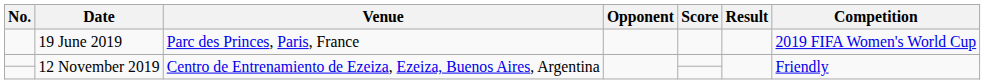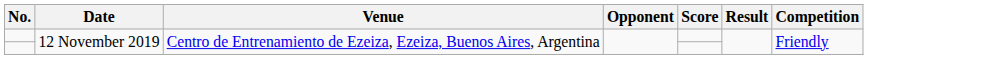 <table class="wikitable">
 <tr>
 <th>No.</th>
 <th>Date</th>
 <th>Venue</th>
 <th>Opponent</th>
 <th>Score</th>
 <th>Result</th>
 <th>Competition</th>
-</tr>
-<tr>
-<td></td>
-<td>19 June 2019</td>
-<td><a href='#'>Parc des Princes</a>, <a href='#'>Paris</a>, France</td>
-<td></td>
-<td></td>
-<td></td>
-<td><a href='#'>2019 FIFA Women's World Cup</a></td>
 </tr>
 <tr>
 <td></td>
 <td rowspan=2>12 November 2019</td>
 <td rowspan=2><a href='#'>Centro de Entrenamiento de Ezeiza</a>, <a href='#'>Ezeiza, Buenos Aires</a>, Argentina</td>
 <td rowspan=2></td>
 <td></td>
 <td rowspan=2></td>
 <td rowspan=2><a href='#'>Friendly</a></td>
 </tr>
 <tr>
 <td></td>
 <td></td>
 </tr>
 </table>
